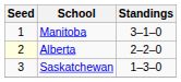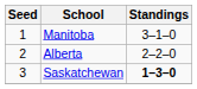 <table class="wikitable">
 <tr>
 <th>Seed</th>
 <th>School</th>
 <th>Standings</th>
 </tr>
 <tr>
 <td align=center>1</td>
 <td><a href='#'>Manitoba</a></td>
 <td align=center>3–1–0</td>
 </tr>
 <tr>
-<td align=center style="background: lightyellow;">2</td>
+<td align=center>2</td>
 <td><a href='#'>Alberta</a></td>
 <td align=center>2–2–0</td>
 </tr>
 <tr>
 <td align=center>3</td>
 <td><a href='#'>Saskatchewan</a></td>
-<td align=center>1–3–0</td>
+<td align=center><strong>1–3–0</strong></td>
 </tr>
 <tr>
 </tr>
 </table>
